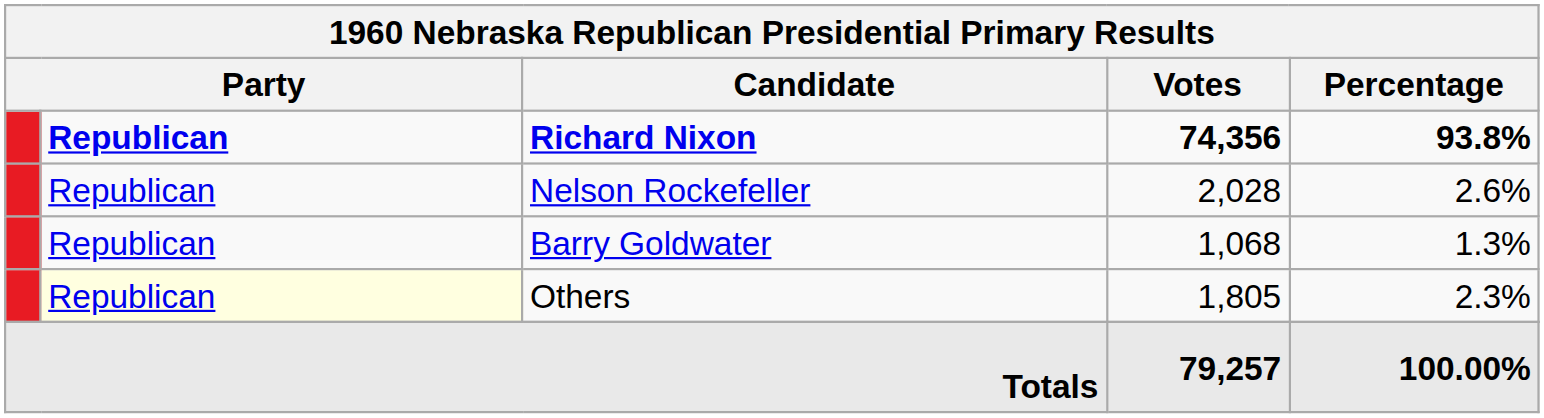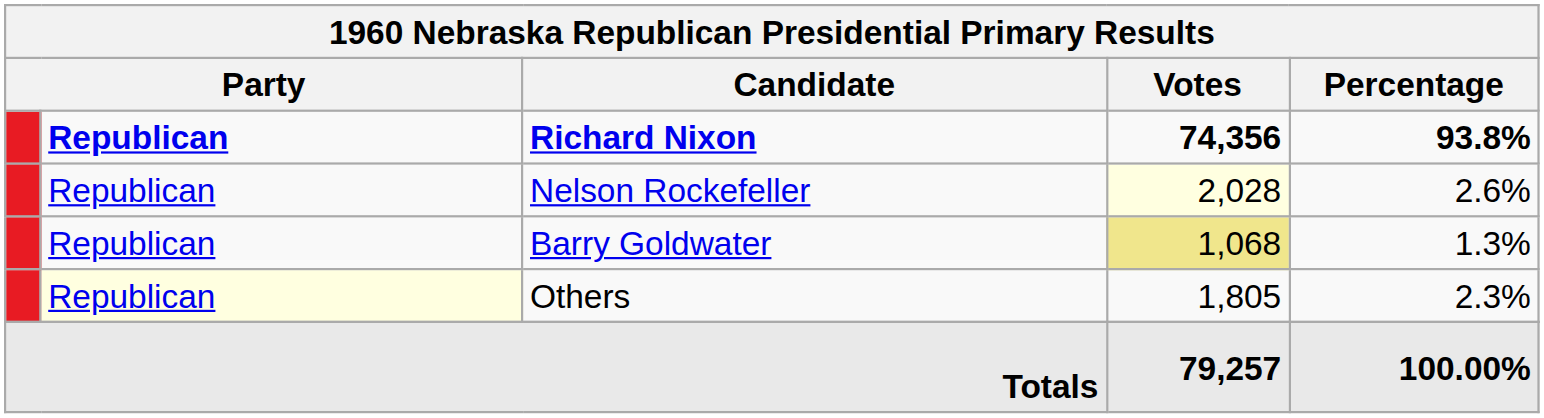 <table class="wikitable" style="font-size: 95%;">
 <tr>
 <th colspan="7">1960 Nebraska Republican Presidential Primary Results</th>
 </tr>
 <tr>
 <th colspan="2" style="width: 15em">Party</th>
 <th style="width: 17em">Candidate</th>
 <th style="width: 5em">Votes</th>
 <th style="width: 7em">Percentage</th>
 </tr>
 <tr>
 <th style="background-color:#E81B23; width: 3px"></th>
 <td style="width: 130px"><strong><a href='#'>Republican</a></strong></td>
 <td><strong><a href='#'>Richard Nixon</a></strong></td>
 <td align="right"><strong>74,356</strong></td>
 <td align="right"><strong>93.8%</strong></td>
 </tr>
 <tr>
 <th style="background-color:#E81B23; width: 3px"></th>
 <td style="width: 130px"><a href='#'>Republican</a></td>
 <td><a href='#'>Nelson Rockefeller</a></td>
-<td align="right">2,028</td>
+<td align="right" style="background: lightyellow;">2,028</td>
 <td align="right">2.6%</td>
 </tr>
 <tr>
 <th style="background-color:#E81B23; width: 3px"></th>
 <td style="width: 130px"><a href='#'>Republican</a></td>
 <td><a href='#'>Barry Goldwater</a></td>
-<td align="right">1,068</td>
+<td align="right" style="background: khaki;">1,068</td>
 <td align="right">1.3%</td>
 </tr>
 <tr>
 <th style="background-color:#E81B23; width: 3px"></th>
 <td style="background: lightyellow; width: 130px"><a href='#'>Republican</a></td>
 <td>Others</td>
 <td align="right">1,805</td>
 <td align="right">2.3%</td>
 </tr>
 <tr>
 </tr>
 <tr bgcolor="#E9E9E9">
 <td colspan="3" align="right"><br><strong>Totals</strong></td>
 <td align="right"><strong>79,257</strong></td>
 <td align="right"><strong>100.00%</strong></td>
 </tr>
 </table>
